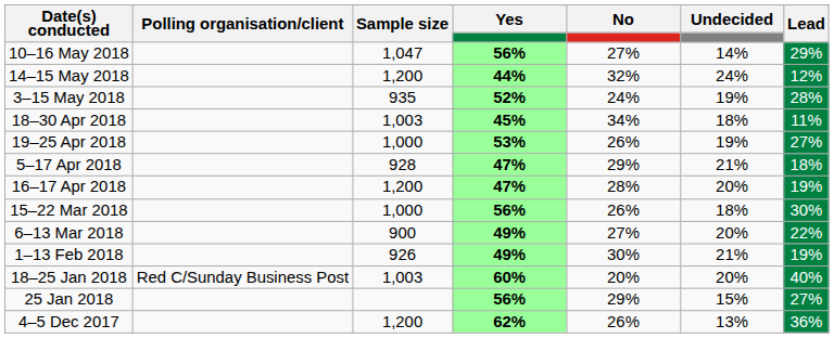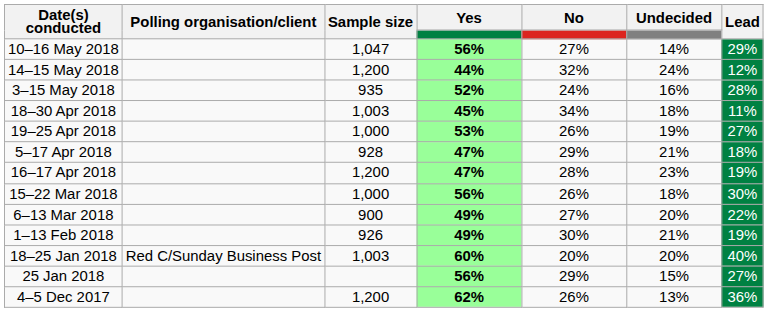 <table class="wikitable sortable" style="text-align: center; line-height: 14px; font-size: 95%;">
 <tr>
 <th rowspan="2">Date(s)<br>conducted</th>
 <th rowspan="2">Polling organisation/client</th>
 <th rowspan="2">Sample size</th>
 <th>Yes</th>
 <th>No</th>
 <th>Undecided</th>
 <th rowspan="2">Lead</th>
 </tr>
 <tr>
 <th class="unsortable" style="background: rgb(0, 129, 66); width: 100px; color: white;"></th>
 <th class="unsortable" style="background: rgb(220, 36, 31); width: 100px; color: white;"></th>
 <th class="unsortable" style="background: gray; width: 90px; color: white;"></th>
 </tr>
 <tr>
 <td data-sort-value="2018-05-20">10–16 May 2018</td>
 <td></td>
 <td>1,047</td>
 <td style="background: rgb(153, 255, 153);"><strong>56%</strong></td>
 <td>27%</td>
 <td>14%</td>
 <td style="background: rgb(0, 129, 66); color: white;">29%</td>
 </tr>
 <tr>
 <td data-sort-value="2018-05-17">14–15 May 2018</td>
 <td></td>
 <td>1,200</td>
 <td style="background: rgb(153, 255, 153);"><strong>44%</strong></td>
 <td>32%</td>
 <td>24%</td>
 <td style="background: rgb(0, 129, 66); color: white;">12%</td>
 </tr>
 <tr>
 <td>3–15 May 2018</td>
 <td></td>
 <td>935</td>
 <td style="background: rgb(153, 255, 153);"><strong>52%</strong></td>
 <td>24%</td>
-<td>19%</td>
+<td>16%</td>
 <td style="background: rgb(0, 129, 66); color: white;">28%</td>
 </tr>
 <tr>
 <td data-sort-value="2018-04-30">18–30 Apr 2018</td>
 <td></td>
 <td>1,003</td>
 <td style="background: rgb(153, 255, 153);"><strong>45%</strong></td>
 <td>34%</td>
 <td>18%</td>
 <td style="background: rgb(0, 129, 66); color: white;">11%</td>
 </tr>
 <tr>
 <td data-sort-value="2018-04-25">19–25 Apr 2018</td>
 <td></td>
 <td>1,000</td>
 <td style="background: rgb(153, 255, 153);"><strong>53%</strong></td>
 <td>26%</td>
 <td>19%</td>
 <td style="background: rgb(0, 129, 66); color: white;">27%</td>
 </tr>
 <tr>
 <td data-sort-value="2018-04-17a">5–17 Apr 2018</td>
 <td></td>
 <td>928</td>
 <td style="background: rgb(153, 255, 153);"><strong>47%</strong></td>
 <td>29%</td>
 <td>21%</td>
 <td style="background: rgb(0, 129, 66); color: white;">18%</td>
 </tr>
 <tr>
 <td data-sort-value="2018-04-17">16–17 Apr 2018</td>
 <td></td>
 <td>1,200</td>
 <td style="background: rgb(153, 255, 153);"><strong>47%</strong></td>
 <td>28%</td>
-<td>20%</td>
+<td>23%</td>
 <td style="background: rgb(0, 129, 66); color: white;">19%</td>
 </tr>
 <tr>
 <td data-sort-value="2018-03-15">15–22 Mar 2018</td>
 <td></td>
 <td>1,000</td>
 <td style="background: rgb(153, 255, 153);"><strong>56%</strong></td>
 <td>26%</td>
 <td>18%</td>
 <td style="background: rgb(0, 129, 66); color: white;">30%</td>
 </tr>
 <tr>
 <td data-sort-value="2018-03-06">6–13 Mar 2018</td>
 <td></td>
 <td>900</td>
 <td style="background: rgb(153, 255, 153);"><strong>49%</strong></td>
 <td>27%</td>
 <td>20%</td>
 <td style="background: rgb(0, 129, 66); color: white;">22%</td>
 </tr>
 <tr>
 <td data-sort-value="2018-02-13">1–13 Feb 2018</td>
 <td></td>
 <td>926</td>
 <td style="background: rgb(153, 255, 153);"><strong>49%</strong></td>
 <td>30%</td>
 <td>21%</td>
 <td style="background: rgb(0, 129, 66); color: white;">19%</td>
 </tr>
 <tr>
 <td data-sort-value="2018-01-18">18–25 Jan 2018</td>
 <td>Red C/Sunday Business Post</td>
 <td>1,003</td>
 <td style="background: rgb(153, 255, 153);"><strong>60%</strong></td>
 <td>20%</td>
 <td>20%</td>
 <td style="background: rgb(0, 129, 66); color: white;">40%</td>
 </tr>
 <tr>
 <td data-sort-value="2018-01-25">25 Jan 2018</td>
 <td></td>
 <td></td>
 <td style="background: rgb(153, 255, 153);"><strong>56%</strong></td>
 <td>29%</td>
 <td>15%</td>
 <td style="background: rgb(0, 129, 66); color: white;">27%</td>
 </tr>
 <tr>
 <td data-sort-value="2017-12-05">4–5 Dec 2017</td>
 <td></td>
 <td>1,200</td>
 <td style="background: rgb(153, 255, 153);"><strong>62%</strong></td>
 <td>26%</td>
 <td>13%</td>
 <td style="background: rgb(0, 129, 66); color: white;">36%</td>
 </tr>
 </table>
